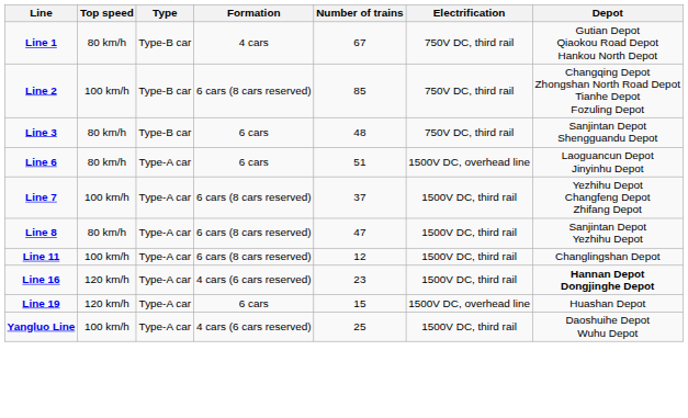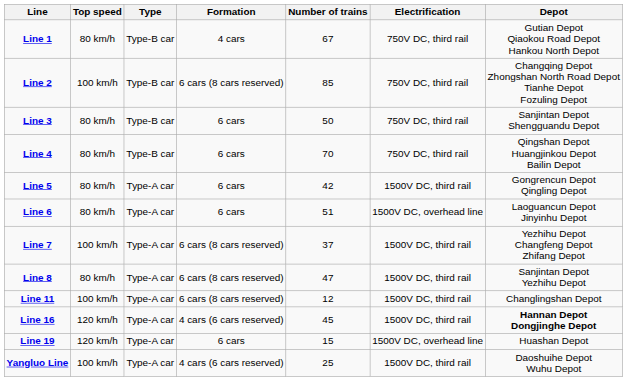 <table class="wikitable" style="text-align:center;">
 <tr>
 <th>Line</th>
 <th>Top speed</th>
 <th>Type</th>
 <th>Formation</th>
 <th>Number of trains</th>
 <th>Electrification</th>
 <th>Depot</th>
 </tr>
 <tr>
 <td style="text-align:center; background:#"><strong><a href='#'><span>Line 1</span></a></strong></td>
 <td>80 km/h</td>
 <td>Type-B car</td>
 <td>4 cars</td>
 <td>67</td>
 <td>750V DC, third rail</td>
 <td>Gutian Depot<br>Qiaokou Road Depot<br>Hankou North Depot</td>
 </tr>
 <tr>
 <td style="text-align:center; background:#"><strong><a href='#'><span>Line 2</span></a></strong></td>
 <td>100 km/h</td>
 <td>Type-B car</td>
 <td>6 cars (8 cars reserved)</td>
 <td>85</td>
 <td>750V DC, third rail</td>
 <td>Changqing Depot<br>Zhongshan North Road Depot<br>Tianhe Depot<br>Fozuling Depot</td>
 </tr>
 <tr>
 <td style="text-align:center; background:#"><strong><a href='#'><span>Line 3</span></a></strong></td>
 <td>80 km/h</td>
 <td>Type-B car</td>
 <td>6 cars</td>
-<td>48</td>
+<td>50</td>
 <td>750V DC, third rail</td>
 <td>Sanjintan Depot<br>Shengguandu Depot</td>
+</tr>
+<tr>
+<td style="text-align:center; background:#"><strong><a href='#'><span>Line 4</span></a></strong></td>
+<td>80 km/h</td>
+<td>Type-B car</td>
+<td>6 cars</td>
+<td>70</td>
+<td>750V DC, third rail</td>
+<td>Qingshan Depot<br>Huangjinkou Depot<br>Bailin Depot</td>
+</tr>
+<tr>
+<td style="text-align:center; background:#"><strong><a href='#'><span>Line 5</span></a></strong></td>
+<td>80 km/h</td>
+<td>Type-A car</td>
+<td>6 cars</td>
+<td>42</td>
+<td>1500V DC, third rail</td>
+<td>Gongrencun Depot<br>Qingling Depot</td>
 </tr>
 <tr>
 <td style="text-align:center; background:#"><strong><a href='#'><span>Line 6</span></a></strong></td>
 <td>80 km/h</td>
 <td>Type-A car</td>
 <td>6 cars</td>
 <td>51</td>
 <td>1500V DC, overhead line</td>
 <td>Laoguancun Depot<br>Jinyinhu Depot</td>
 </tr>
 <tr>
 <td style="text-align:center; background:#"><strong><a href='#'><span>Line 7</span></a></strong></td>
 <td>100 km/h</td>
 <td>Type-A car</td>
 <td>6 cars (8 cars reserved)</td>
 <td>37</td>
 <td>1500V DC, third rail</td>
 <td>Yezhihu Depot<br>Changfeng Depot<br>Zhifang Depot</td>
 </tr>
 <tr>
 <td style="text-align:center; background:#"><strong><a href='#'><span>Line 8</span></a></strong></td>
 <td>80 km/h</td>
 <td>Type-A car</td>
 <td>6 cars (8 cars reserved)</td>
 <td>47</td>
 <td>1500V DC, third rail</td>
 <td>Sanjintan Depot<br>Yezhihu Depot</td>
 </tr>
 <tr>
 <td style="text-align:center; background:#"><strong><a href='#'><span>Line 11</span></a></strong></td>
 <td>100 km/h</td>
 <td>Type-A car</td>
 <td>6 cars (8 cars reserved)</td>
 <td>12</td>
 <td>1500V DC, third rail</td>
 <td>Changlingshan Depot<br></td>
 </tr>
 <tr>
 <td style="text-align:center; background:#"><strong><a href='#'><span>Line 16</span></a></strong></td>
 <td>120 km/h</td>
 <td>Type-A car</td>
 <td>4 cars (6 cars reserved)</td>
-<td>23</td>
+<td>45</td>
 <td>1500V DC, third rail</td>
 <td><strong>Hannan Depot<br>Dongjinghe Depot</strong></td>
 </tr>
 <tr>
 <td style="text-align:center; background:#"><strong><a href='#'><span>Line 19</span></a></strong></td>
 <td>120 km/h</td>
 <td>Type-A car</td>
 <td>6 cars</td>
 <td>15</td>
 <td>1500V DC, overhead line</td>
 <td>Huashan Depot</td>
 </tr>
 <tr>
 <td style="text-align:center; background:#"><strong><a href='#'><span>Yangluo Line</span></a></strong></td>
 <td>100 km/h</td>
 <td>Type-A car</td>
 <td>4 cars (6 cars reserved)</td>
 <td>25</td>
 <td>1500V DC, third rail</td>
 <td>Daoshuihe Depot<br>Wuhu Depot</td>
 </tr>
 </table>
